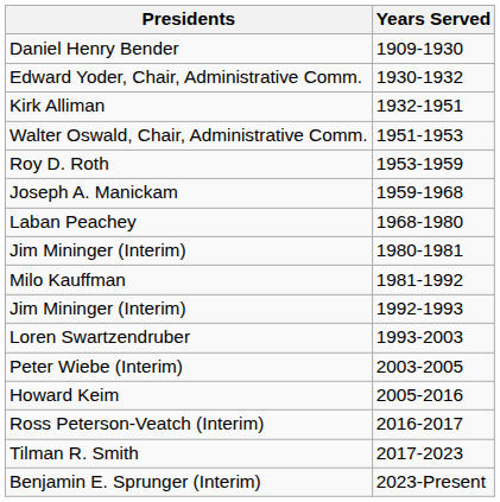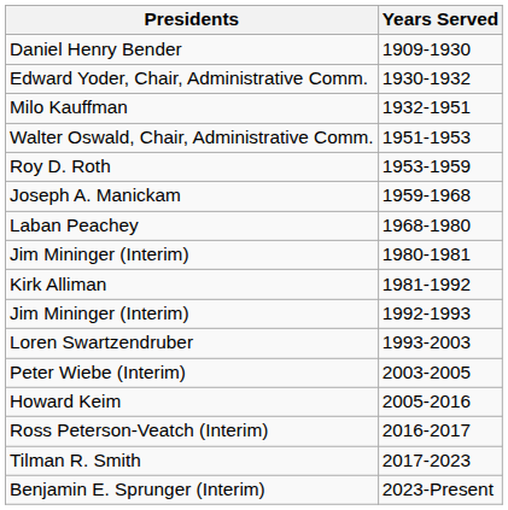 <table class="wikitable">
 <tr>
 <th>Presidents</th>
 <th>Years Served</th>
 </tr>
 <tr>
 <td>Daniel Henry Bender</td>
 <td>1909-1930</td>
 </tr>
 <tr>
 <td>Edward Yoder, Chair, Administrative Comm.</td>
 <td>1930-1932</td>
 </tr>
 <tr>
-<td>Kirk Alliman</td>
+<td>Milo Kauffman</td>
 <td>1932-1951</td>
 </tr>
 <tr>
 <td>Walter Oswald, Chair, Administrative Comm.</td>
 <td>1951-1953</td>
 </tr>
 <tr>
 <td>Roy D. Roth</td>
 <td>1953-1959</td>
 </tr>
 <tr>
 <td>Joseph A. Manickam</td>
 <td>1959-1968</td>
 </tr>
 <tr>
 <td>Laban Peachey</td>
 <td>1968-1980</td>
 </tr>
 <tr>
 <td>Jim Mininger (Interim)</td>
 <td>1980-1981</td>
 </tr>
 <tr>
-<td>Milo Kauffman</td>
+<td>Kirk Alliman</td>
 <td>1981-1992</td>
 </tr>
 <tr>
 <td>Jim Mininger (Interim)</td>
 <td>1992-1993</td>
 </tr>
 <tr>
 <td>Loren Swartzendruber</td>
 <td>1993-2003</td>
 </tr>
 <tr>
 <td>Peter Wiebe (Interim)</td>
 <td>2003-2005</td>
 </tr>
 <tr>
 <td>Howard Keim</td>
 <td>2005-2016</td>
 </tr>
 <tr>
 <td>Ross Peterson-Veatch (Interim)</td>
 <td>2016-2017</td>
 </tr>
 <tr>
 <td>Tilman R. Smith</td>
 <td>2017-2023</td>
 </tr>
 <tr>
 <td>Benjamin E. Sprunger (Interim)</td>
 <td>2023-Present</td>
 </tr>
 </table>
